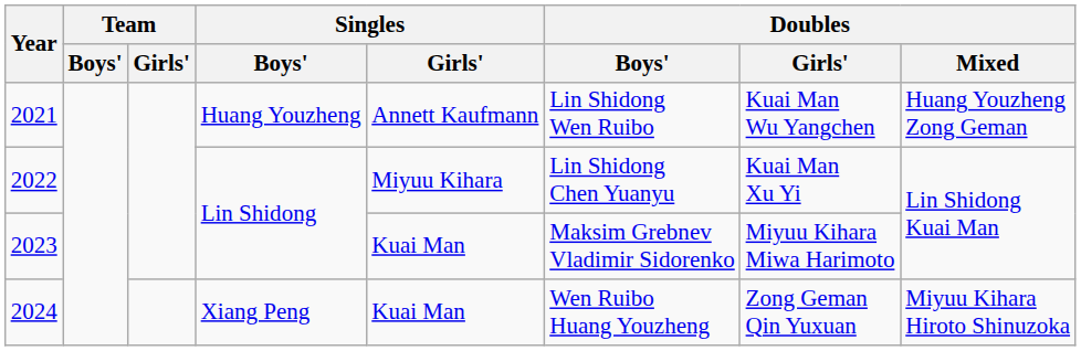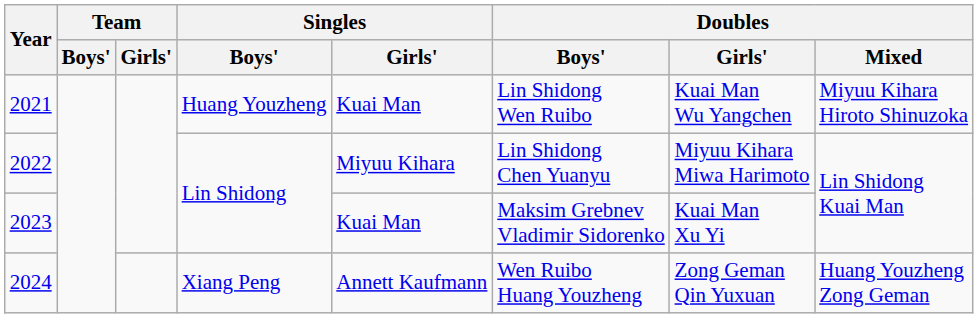 <table class="wikitable" style="font-size:90%;">
 <tr>
 <th rowspan="2">Year</th>
 <th colspan="2">Team</th>
 <th colspan="2">Singles</th>
 <th colspan="3">Doubles</th>
 </tr>
 <tr>
 <th>Boys'</th>
 <th>Girls'</th>
 <th>Boys'</th>
 <th>Girls'</th>
 <th>Boys'</th>
 <th>Girls'</th>
 <th>Mixed</th>
 </tr>
 <tr>
 <td><a href='#'>2021</a></td>
 <td rowspan="4"></td>
 <td rowspan="3"></td>
 <td> <a href='#'>Huang Youzheng</a></td>
-<td> <a href='#'>Annett Kaufmann</a></td>
+<td> <a href='#'>Kuai Man</a></td>
 <td> <a href='#'>Lin Shidong</a><br> <a href='#'>Wen Ruibo</a></td>
 <td> <a href='#'>Kuai Man</a><br> <a href='#'>Wu Yangchen</a></td>
-<td> <a href='#'>Huang Youzheng</a><br> <a href='#'>Zong Geman</a></td>
+<td> <a href='#'>Miyuu Kihara</a><br> <a href='#'>Hiroto Shinuzoka</a></td>
 </tr>
 <tr>
 <td><a href='#'>2022</a></td>
 <td rowspan="2"> <a href='#'>Lin Shidong</a></td>
 <td> <a href='#'>Miyuu Kihara</a></td>
 <td> <a href='#'>Lin Shidong</a><br> <a href='#'>Chen Yuanyu</a></td>
-<td> <a href='#'>Kuai Man</a><br> <a href='#'>Xu Yi</a></td>
+<td> <a href='#'>Miyuu Kihara</a><br> <a href='#'>Miwa Harimoto</a></td>
 <td rowspan="2"> <a href='#'>Lin Shidong</a><br> <a href='#'>Kuai Man</a></td>
 </tr>
 <tr>
 <td><a href='#'>2023</a></td>
 <td> <a href='#'>Kuai Man</a></td>
 <td> <a href='#'>Maksim Grebnev</a><br> <a href='#'>Vladimir Sidorenko</a></td>
-<td> <a href='#'>Miyuu Kihara</a><br> <a href='#'>Miwa Harimoto</a></td>
+<td> <a href='#'>Kuai Man</a><br> <a href='#'>Xu Yi</a></td>
 </tr>
 <tr>
 <td><a href='#'>2024</a></td>
 <td></td>
 <td> <a href='#'>Xiang Peng</a></td>
-<td> <a href='#'>Kuai Man</a></td>
+<td> <a href='#'>Annett Kaufmann</a></td>
 <td> <a href='#'>Wen Ruibo</a><br> <a href='#'>Huang Youzheng</a></td>
 <td> <a href='#'>Zong Geman</a><br> <a href='#'>Qin Yuxuan</a></td>
-<td> <a href='#'>Miyuu Kihara</a><br> <a href='#'>Hiroto Shinuzoka</a></td>
+<td> <a href='#'>Huang Youzheng</a><br> <a href='#'>Zong Geman</a></td>
 </tr>
 </table>
